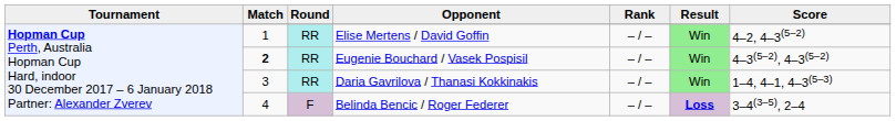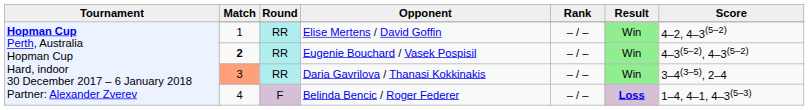 <table class="wikitable">
 <tr style="background:#efefef;font-weight:bold;text-align:center">
 <td style="width:300px;">Tournament</td>
 <td style="width:50px;">Match</td>
 <td style="width:50px;">Round</td>
 <td style="width:350px;">Opponent</td>
 <td style="width:70px;">Rank</td>
 <td style="width:70px;">Result</td>
 <td style="width:200px;">Score</td>
 </tr>
 <tr>
 <td rowspan="5" style="background:#ecf2ff; text-align:left; vertical-align:top;"><strong><a href='#'>Hopman Cup</a></strong><br><a href='#'>Perth</a>, Australia<br>Hopman Cup<br>Hard, indoor<br>30 December 2017 – 6 January 2018<br>Partner:  <a href='#'>Alexander Zverev</a></td>
 </tr>
 <tr>
 <td style="text-align:center">1</td>
 <td style="text-align:center; background:#afeeee">RR</td>
 <td> <a href='#'>Elise Mertens</a> /  <a href='#'>David Goffin</a></td>
 <td style="text-align:center">– / –</td>
 <td style="text-align:center; background:lightgreen">Win</td>
 <td>4–2, 4–3<sup>(5–2)</sup></td>
 </tr>
 <tr>
 <td style="text-align:center"><strong>2</strong></td>
 <td style="text-align:center; background:#afeeee">RR</td>
 <td> <a href='#'>Eugenie Bouchard</a> /  <a href='#'>Vasek Pospisil</a></td>
 <td style="text-align:center">– / –</td>
 <td style="text-align:center; background:lightgreen">Win</td>
 <td>4–3<sup>(5–2)</sup>, 4–3<sup>(5–2)</sup></td>
 </tr>
 <tr>
-<td style="text-align:center">3</td>
+<td style="background: lightsalmon; text-align:center">3</td>
 <td style="text-align:center; background:#afeeee">RR</td>
 <td> <a href='#'>Daria Gavrilova</a> /  <a href='#'>Thanasi Kokkinakis</a></td>
 <td style="text-align:center">– / –</td>
 <td style="text-align:center; background:lightgreen">Win</td>
-<td>1–4, 4–1, 4–3<sup>(5–3)</sup></td>
+<td>3–4<sup>(3–5)</sup>, 2–4</td>
 </tr>
 <tr>
 <td style="text-align:center">4</td>
 <td style="text-align:center; background:thistle">F</td>
 <td> <a href='#'>Belinda Bencic</a> /  <a href='#'>Roger Federer</a></td>
 <td style="text-align:center">– / –</td>
 <td style="text-align:center; background:thistle"><strong><a href='#'>Loss</a></strong></td>
-<td>3–4<sup>(3–5)</sup>, 2–4</td>
+<td>1–4, 4–1, 4–3<sup>(5–3)</sup></td>
 </tr>
 </table>
